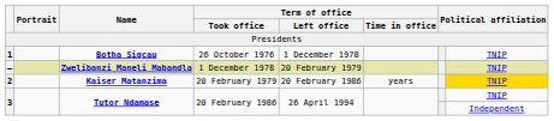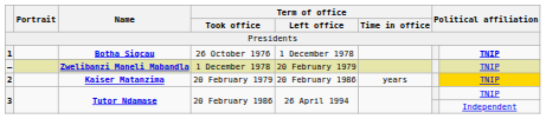 <table class="wikitable" style="font-size:80%;text-align:center">
 <tr>
 <th rowspan=2></th>
 <th rowspan=2>Portrait</th>
 <th rowspan=2>Name<br></th>
 <th colspan=3>Term of office</th>
 <th rowspan=2 colspan=2>Political affiliation</th>
 </tr>
 <tr>
 <th>Took office</th>
 <th>Left office</th>
 <th>Time in office</th>
 </tr>
 <tr style="background:#efefef;">
 <td colspan=8>Presidents</td>
 </tr>
 <tr>
 <th>1</th>
 <td></td>
 <td><strong><a href='#'>Botha Sigcau</a></strong><br></td>
 <td>26 October 1976</td>
 <td>1 December 1978 </td>
 <td></td>
 <th style="background:"></th>
-<td><a href='#'>TNIP</a></td>
+<td><strong><a href='#'>TNIP</a></strong></td>
 </tr>
 <tr style="background:#e6e6aa;">
 <th>–</th>
 <td></td>
 <td><strong><a href='#'>Zwelibanzi Maneli Mabandla</a></strong><br></td>
 <td>1 December 1978</td>
 <td>20 February 1979</td>
 <td></td>
 <th style="background:"></th>
 <td><a href='#'>TNIP</a></td>
 </tr>
 <tr>
 <th>2</th>
 <td></td>
 <td><strong><a href='#'>Kaiser Matanzima</a></strong><br></td>
 <td>20 February 1979</td>
 <td>20 February 1986<br></td>
 <td> years</td>
 <th style="background:"></th>
 <td style="background: gold;"><a href='#'>TNIP</a></td>
 </tr>
 <tr>
 <th rowspan=2>3</th>
 <td rowspan=2></td>
 <td rowspan=2><strong><a href='#'>Tutor Ndamase</a></strong><br></td>
 <td rowspan=2>20 February 1986</td>
 <td rowspan=2>26 April 1994</td>
 <td rowspan=2></td>
 <th style="background:"></th>
 <td><a href='#'>TNIP</a></td>
 </tr>
 <tr>
 <th style="background:"></th>
 <td><a href='#'>Independent</a></td>
 </tr>
 </table>
